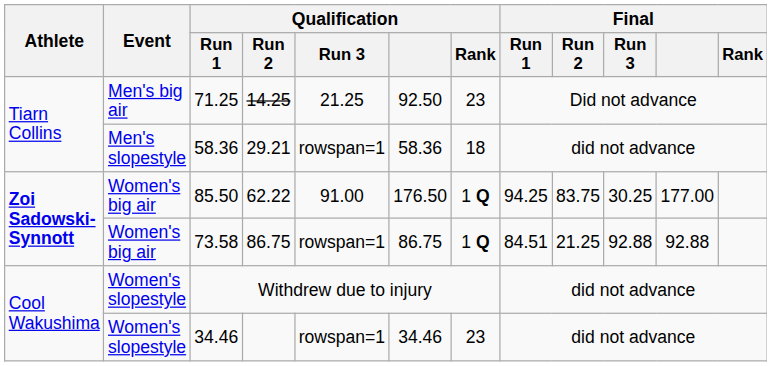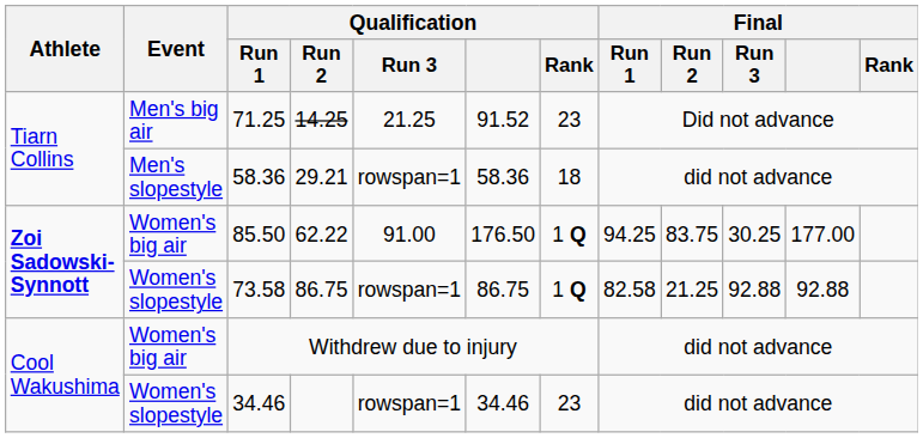 <table class=wikitable style=font-size:90%;text-align:center>
 <tr>
 <th rowspan=2>Athlete</th>
 <th rowspan=2>Event</th>
 <th colspan="5">Qualification</th>
 <th colspan=5>Final</th>
 </tr>
 <tr style=font-size:95%>
 <th>Run 1</th>
 <th>Run 2</th>
 <th>Run 3</th>
 <th></th>
 <th>Rank</th>
 <th>Run 1</th>
 <th>Run 2</th>
 <th>Run 3</th>
 <th></th>
 <th>Rank</th>
 </tr>
 <tr>
 <td rowspan=2 align=left><a href='#'>Tiarn Collins</a></td>
 <td align=left><a href='#'>Men's big air</a></td>
 <td>71.25</td>
 <td><s>14.25</s></td>
 <td>21.25</td>
-<td>92.50</td>
+<td>91.52</td>
 <td>23</td>
 <td colspan=5>Did not advance</td>
 </tr>
 <tr>
 <td align=left><a href='#'>Men's slopestyle</a></td>
 <td>58.36</td>
 <td>29.21</td>
 <td>rowspan=1</td>
 <td>58.36</td>
 <td>18</td>
 <td colspan=5>did not advance</td>
 </tr>
 <tr>
 <td align=left rowspan=2><strong><a href='#'>Zoi Sadowski-Synnott</a></strong></td>
 <td align=left><a href='#'>Women's big air</a></td>
 <td>85.50</td>
 <td>62.22</td>
 <td>91.00</td>
 <td>176.50</td>
 <td>1 <strong>Q</strong></td>
 <td>94.25</td>
 <td>83.75</td>
 <td>30.25</td>
 <td>177.00</td>
 <td></td>
 </tr>
 <tr>
-<td align=left><a href='#'>Women's big air</a></td>
+<td align=left><a href='#'>Women's slopestyle</a></td>
 <td>73.58</td>
 <td>86.75</td>
 <td>rowspan=1</td>
 <td>86.75</td>
 <td>1 <strong>Q</strong></td>
-<td>84.51</td>
+<td>82.58</td>
 <td>21.25</td>
 <td>92.88</td>
 <td>92.88</td>
 <td></td>
 </tr>
 <tr>
 <td align=left rowspan=2><a href='#'>Cool Wakushima</a></td>
-<td align=left><a href='#'>Women's slopestyle</a></td>
+<td align=left><a href='#'>Women's big air</a></td>
 <td colspan=5>Withdrew due to injury</td>
 <td colspan=5>did not advance</td>
 </tr>
 <tr>
 <td align=left><a href='#'>Women's slopestyle</a></td>
 <td>34.46</td>
 <td></td>
 <td>rowspan=1</td>
 <td>34.46</td>
 <td>23</td>
 <td colspan=5>did not advance</td>
 </tr>
 </table>
